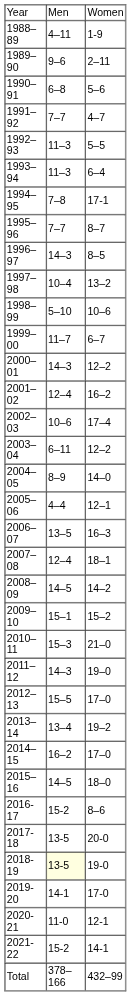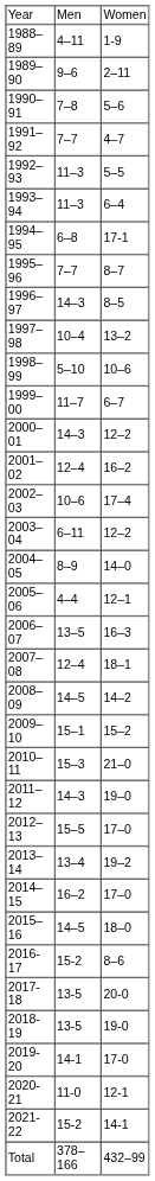 <table border="1" cellpadding="2" cellspacing="0" align="right" width="185px">
 <tr ---->
 <td>Year</td>
 <td>Men</td>
 <td>Women</td>
 </tr>
 <tr ---->
 <td>1988–89</td>
 <td>4–11</td>
 <td>1-9</td>
 </tr>
 <tr ---->
 <td>1989–90</td>
 <td>9–6</td>
 <td>2–11</td>
 </tr>
 <tr ---->
 <td>1990–91</td>
-<td>6–8</td>
+<td>7–8</td>
 <td>5–6</td>
 </tr>
 <tr ---->
 <td>1991–92</td>
 <td>7–7</td>
 <td>4–7</td>
 </tr>
 <tr ---->
 <td>1992–93</td>
 <td>11–3</td>
 <td>5–5</td>
 </tr>
 <tr ---->
 <td>1993–94</td>
 <td>11–3</td>
 <td>6–4</td>
 </tr>
 <tr ---->
 <td>1994–95</td>
-<td>7–8</td>
+<td>6–8</td>
 <td>17-1</td>
 </tr>
 <tr ---->
 <td>1995–96</td>
 <td>7–7</td>
 <td>8–7</td>
 </tr>
 <tr ---->
 <td>1996–97</td>
 <td>14–3</td>
 <td>8–5</td>
 </tr>
 <tr ---->
 <td>1997–98</td>
 <td>10–4</td>
 <td>13–2</td>
 </tr>
 <tr ---->
 <td>1998–99</td>
 <td>5–10</td>
 <td>10–6</td>
 </tr>
 <tr ---->
 <td>1999–00</td>
 <td>11–7</td>
 <td>6–7</td>
 </tr>
 <tr ---->
 <td>2000–01</td>
 <td>14–3</td>
 <td>12–2</td>
 </tr>
 <tr ---->
 <td>2001–02</td>
 <td>12–4</td>
 <td>16–2</td>
 </tr>
 <tr ---->
 <td>2002–03</td>
 <td>10–6</td>
 <td>17–4</td>
 </tr>
 <tr ---->
 <td>2003–04</td>
 <td>6–11</td>
 <td>12–2</td>
 </tr>
 <tr ---->
 <td>2004–05</td>
 <td>8–9</td>
 <td>14–0</td>
 </tr>
 <tr ---->
 <td>2005–06</td>
 <td>4–4</td>
 <td>12–1</td>
 </tr>
 <tr ---->
 <td>2006–07</td>
 <td>13–5</td>
 <td>16–3</td>
 </tr>
 <tr ---->
 <td>2007–08</td>
 <td>12–4</td>
 <td>18–1</td>
 </tr>
 <tr ---->
 <td>2008–09</td>
 <td>14–5</td>
 <td>14–2</td>
 </tr>
 <tr ---->
 <td>2009–10</td>
 <td>15–1</td>
 <td>15–2</td>
 </tr>
 <tr ---->
 <td>2010–11</td>
 <td>15–3</td>
 <td>21–0</td>
 </tr>
 <tr ---->
 <td>2011–12</td>
 <td>14–3</td>
 <td>19–0</td>
 </tr>
 <tr ---->
 <td>2012–13</td>
 <td>15–5</td>
 <td>17–0</td>
 </tr>
 <tr ---->
 <td>2013–14</td>
 <td>13–4</td>
 <td>19–2</td>
 </tr>
 <tr ---->
 <td>2014–15</td>
 <td>16–2</td>
 <td>17–0</td>
 </tr>
 <tr ---->
 <td>2015–16</td>
 <td>14–5</td>
 <td>18–0</td>
 </tr>
 <tr ---->
 <td>2016-17</td>
 <td>15-2</td>
 <td>8–6</td>
 </tr>
 <tr --->
 <td>2017-18</td>
 <td>13-5</td>
 <td>20-0</td>
 </tr>
 <tr --->
 <td>2018-19</td>
-<td style="background: lightyellow;">13-5</td>
+<td>13-5</td>
 <td>19-0</td>
 </tr>
 <tr --->
 <td>2019-20</td>
 <td>14-1</td>
 <td>17-0</td>
 </tr>
 <tr --->
 <td>2020-21</td>
 <td>11-0</td>
 <td>12-1</td>
 </tr>
 <tr --->
 <td>2021-22</td>
 <td>15-2</td>
 <td>14-1</td>
 </tr>
 <tr --->
 <td>Total</td>
 <td>378–166</td>
 <td>432–99</td>
 </tr>
 </table>
